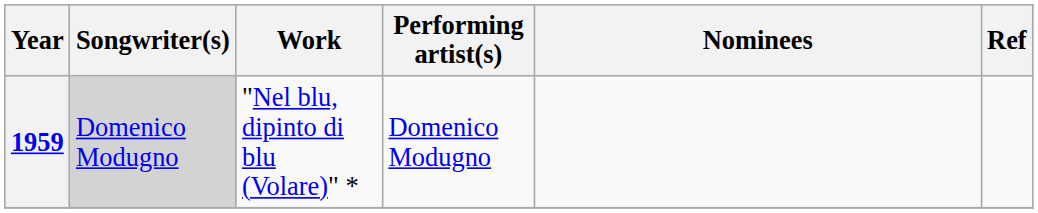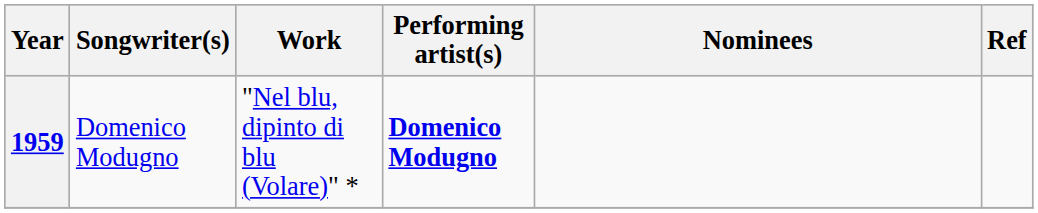 <table class="wikitable sortable" style="width:100%">
 <tr>
 <th scope="col" width="1%">Year</th>
 <th scope="col" width="15%">Songwriter(s)</th>
 <th scope="col" width="15%">Work</th>
 <th scope="col" width="15%">Performing artist(s)</th>
 <th scope="col" class="unsortable" width="50%">Nominees</th>
 <th scope="col" class="unsortable" width="1%">Ref</th>
 </tr>
 <tr>
 <th scope="row"><a href='#'>1959</a></th>
-<td style="background: lightgrey;"><a href='#'>Domenico Modugno</a></td>
+<td><a href='#'>Domenico Modugno</a></td>
 <td>"<a href='#'>Nel blu, dipinto di blu (Volare)</a>" *</td>
-<td><a href='#'>Domenico Modugno</a></td>
+<td><strong><a href='#'>Domenico Modugno</a></strong></td>
 <td></td>
 <td style="text-align:center;"></td>
 </tr>
 <tr>
 </tr>
 </table>
